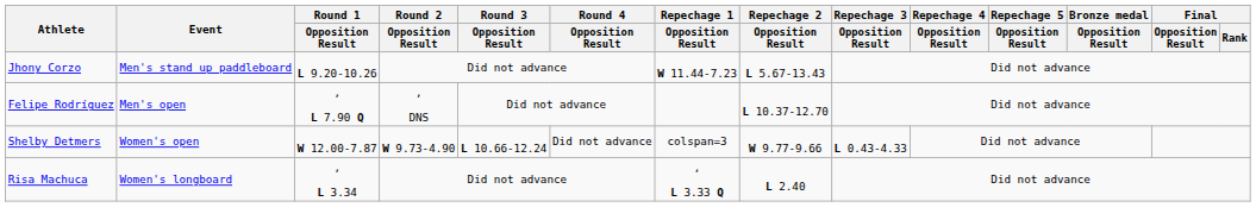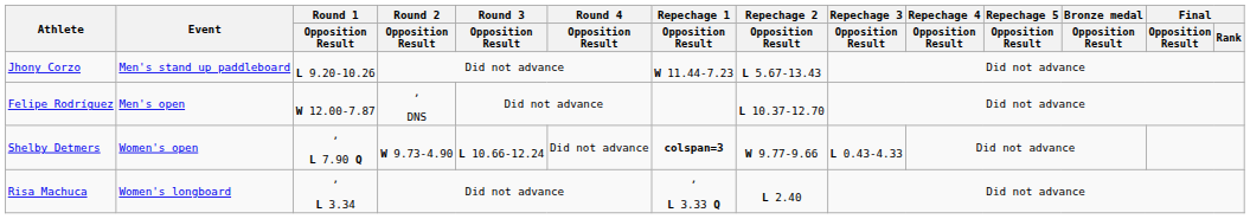 <table class=wikitable style=font-size:80%;text-align:center>
 <tr>
 <th rowspan=2>Athlete</th>
 <th rowspan=2>Event</th>
 <th>Round 1</th>
 <th>Round 2</th>
 <th>Round 3</th>
 <th>Round 4</th>
 <th>Repechage 1</th>
 <th>Repechage 2</th>
 <th>Repechage 3</th>
 <th>Repechage 4</th>
 <th>Repechage 5</th>
 <th>Bronze medal</th>
 <th colspan=2>Final</th>
 </tr>
 <tr style=font-size:95%>
 <th>Opposition<br>Result</th>
 <th>Opposition<br>Result</th>
 <th>Opposition<br>Result</th>
 <th>Opposition<br>Result</th>
 <th>Opposition<br>Result</th>
 <th>Opposition<br>Result</th>
 <th>Opposition<br>Result</th>
 <th>Opposition<br>Result</th>
 <th>Opposition<br>Result</th>
 <th>Opposition<br>Result</th>
 <th>Opposition<br>Result</th>
 <th>Rank</th>
 </tr>
 <tr>
 <td align=left><a href='#'>Jhony Corzo</a></td>
 <td align=left><a href='#'>Men's stand up paddleboard</a></td>
 <td><br><strong>L</strong> 9.20-10.26</td>
 <td colspan=3>Did not advance</td>
 <td><br><strong>W</strong> 11.44-7.23</td>
 <td><br><strong>L</strong> 5.67-13.43</td>
 <td colspan=6>Did not advance</td>
 </tr>
 <tr>
 <td align=left><a href='#'>Felipe Rodríguez</a></td>
 <td align=left><a href='#'>Men's open</a></td>
-<td>,<br><br><strong>L</strong> 7.90 <strong>Q</strong></td>
+<td><br><strong>W</strong> 12.00-7.87</td>
 <td>,<br><br>DNS</td>
 <td colspan=2>Did not advance</td>
 <td></td>
 <td><br><strong>L</strong> 10.37-12.70</td>
 <td colspan=6>Did not advance</td>
 </tr>
 <tr>
 <td align=left><a href='#'>Shelby Detmers</a></td>
 <td align=left><a href='#'>Women's open</a></td>
-<td><br><strong>W</strong> 12.00-7.87</td>
+<td>,<br><br><strong>L</strong> 7.90 <strong>Q</strong></td>
 <td><br><strong>W</strong> 9.73-4.90</td>
 <td><br><strong>L</strong> 10.66-12.24</td>
 <td>Did not advance</td>
-<td>colspan=3 </td>
+<td><strong>colspan=3 </strong></td>
 <td><br><strong>W</strong> 9.77-9.66</td>
 <td><br><strong>L</strong> 0.43-4.33</td>
 <td colspan=3>Did not advance</td>
 </tr>
 <tr>
 <td align=left><a href='#'>Risa Machuca</a></td>
 <td align=left><a href='#'>Women's longboard</a></td>
 <td>,<br><br><strong>L</strong> 3.34</td>
 <td colspan=3>Did not advance</td>
 <td>,<br><br><strong>L</strong> 3.33 <strong>Q</strong></td>
 <td><br><strong>L</strong> 2.40</td>
 <td colspan=6>Did not advance</td>
 </tr>
 </table>
